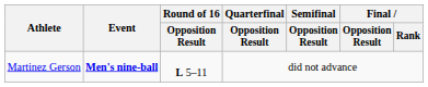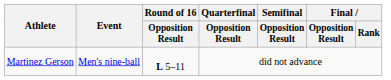 <table class=wikitable style=font-size:90%;text-align:center>
 <tr>
 <th rowspan=2>Athlete</th>
 <th rowspan=2>Event</th>
 <th>Round of 16</th>
 <th>Quarterfinal</th>
 <th>Semifinal</th>
 <th colspan=2>Final / </th>
 </tr>
 <tr style=font-size:95%>
 <th>Opposition<br>Result</th>
 <th>Opposition<br>Result</th>
 <th>Opposition<br>Result</th>
 <th>Opposition<br>Result</th>
 <th>Rank</th>
 </tr>
 <tr>
 <td align=left><a href='#'>Martinez Gerson</a></td>
-<td align=left><strong><a href='#'>Men's nine-ball</a></strong></td>
+<td align=left><a href='#'>Men's nine-ball</a></td>
 <td><br><strong>L</strong> 5–11</td>
 <td colspan=4>did not advance</td>
 </tr>
 </table>
